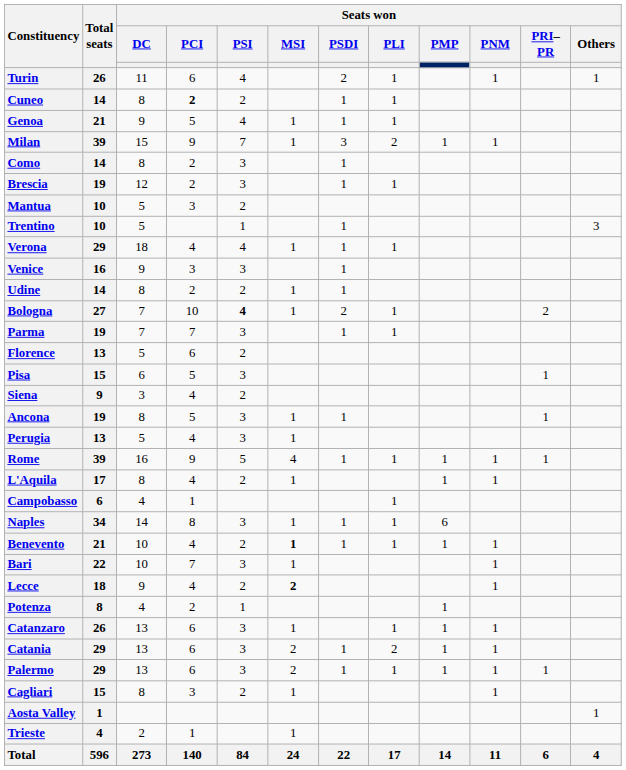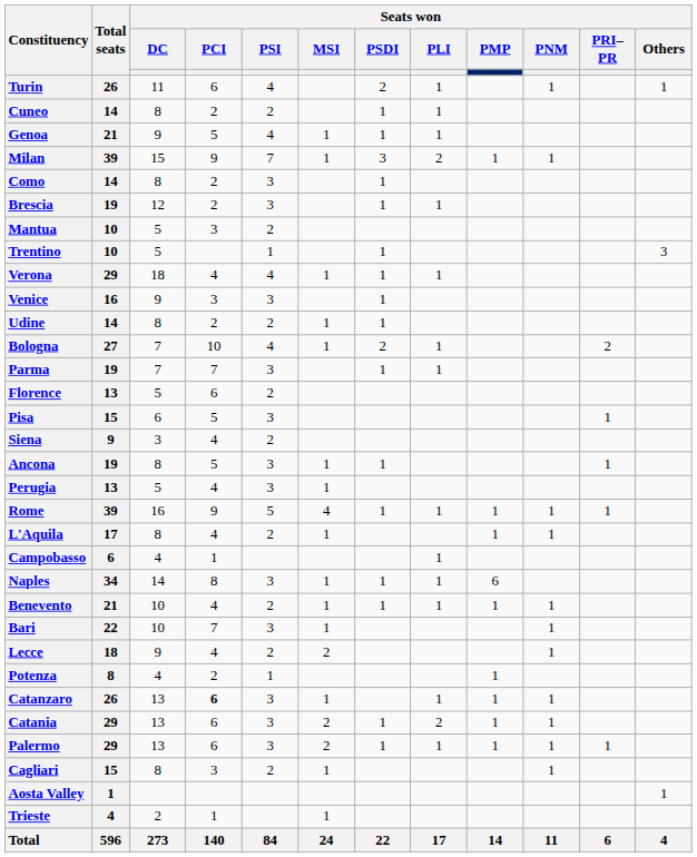 <table class="wikitable" style="text-align:center; font-size: 0.9em">
 <tr>
 <th rowspan="3">Constituency</th>
 <th rowspan="3">Total<br>seats</th>
 <th colspan="10">Seats won</th>
 </tr>
 <tr>
 <th class="unsortable" style="width:50px;"><a href='#'>DC</a></th>
 <th class="unsortable" style="width:50px;"><a href='#'>PCI</a></th>
 <th class="unsortable" style="width:50px;"><a href='#'>PSI</a></th>
 <th class="unsortable" style="width:50px;"><a href='#'>MSI</a></th>
 <th class="unsortable" style="width:50px;"><a href='#'>PSDI</a></th>
 <th class="unsortable" style="width:50px;"><a href='#'>PLI</a></th>
 <th class="unsortable" style="width:50px;"><a href='#'>PMP</a></th>
 <th class="unsortable" style="width:50px;"><a href='#'>PNM</a></th>
 <th class="unsortable" style="width:50px;"><a href='#'>PRI</a>–<a href='#'>PR</a></th>
 <th class="unsortable" style="width:50px;">Others</th>
 </tr>
 <tr>
 <th style="background:"></th>
 <th style="background:"></th>
 <th style="background:"></th>
 <th style="background:"></th>
 <th style="background:"></th>
 <th style="background:"></th>
 <th style="background-color:#002366"></th>
 <th style="background:"></th>
 <th style="background:"></th>
 <th style="background:"></th>
 </tr>
 <tr>
 <th style="text-align: left;"><a href='#'>Turin</a></th>
 <th>26</th>
 <td>11</td>
 <td>6</td>
 <td>4</td>
 <td></td>
 <td>2</td>
 <td>1</td>
 <td></td>
 <td>1</td>
 <td></td>
 <td>1</td>
 </tr>
 <tr>
 <th style="text-align: left;"><a href='#'>Cuneo</a></th>
 <th>14</th>
 <td>8</td>
-<td><strong>2</strong></td>
+<td>2</td>
 <td>2</td>
 <td></td>
 <td>1</td>
 <td>1</td>
 <td></td>
 <td></td>
 <td></td>
 <td></td>
 </tr>
 <tr>
 <th style="text-align: left;"><a href='#'>Genoa</a></th>
 <th>21</th>
 <td>9</td>
 <td>5</td>
 <td>4</td>
 <td>1</td>
 <td>1</td>
 <td>1</td>
 <td></td>
 <td></td>
 <td></td>
 <td></td>
 </tr>
 <tr>
 <th style="text-align: left;"><a href='#'>Milan</a></th>
 <th>39</th>
 <td>15</td>
 <td>9</td>
 <td>7</td>
 <td>1</td>
 <td>3</td>
 <td>2</td>
 <td>1</td>
 <td>1</td>
 <td></td>
 <td></td>
 </tr>
 <tr>
 <th style="text-align: left;"><a href='#'>Como</a></th>
 <th>14</th>
 <td>8</td>
 <td>2</td>
 <td>3</td>
 <td></td>
 <td>1</td>
 <td></td>
 <td></td>
 <td></td>
 <td></td>
 <td></td>
 </tr>
 <tr>
 <th style="text-align: left;"><a href='#'>Brescia</a></th>
 <th>19</th>
 <td>12</td>
 <td>2</td>
 <td>3</td>
 <td></td>
 <td>1</td>
 <td>1</td>
 <td></td>
 <td></td>
 <td></td>
 <td></td>
 </tr>
 <tr>
 <th style="text-align: left;"><a href='#'>Mantua</a></th>
 <th>10</th>
 <td>5</td>
 <td>3</td>
 <td>2</td>
 <td></td>
 <td></td>
 <td></td>
 <td></td>
 <td></td>
 <td></td>
 <td></td>
 </tr>
 <tr>
 <th style="text-align: left;"><a href='#'>Trentino</a></th>
 <th>10</th>
 <td>5</td>
 <td></td>
 <td>1</td>
 <td></td>
 <td>1</td>
 <td></td>
 <td></td>
 <td></td>
 <td></td>
 <td>3</td>
 </tr>
 <tr>
 <th style="text-align: left;"><a href='#'>Verona</a></th>
 <th>29</th>
 <td>18</td>
 <td>4</td>
 <td>4</td>
 <td>1</td>
 <td>1</td>
 <td>1</td>
 <td></td>
 <td></td>
 <td></td>
 <td></td>
 </tr>
 <tr>
 <th style="text-align: left;"><a href='#'>Venice</a></th>
 <th>16</th>
 <td>9</td>
 <td>3</td>
 <td>3</td>
 <td></td>
 <td>1</td>
 <td></td>
 <td></td>
 <td></td>
 <td></td>
 <td></td>
 </tr>
 <tr>
 <th style="text-align: left;"><a href='#'>Udine</a></th>
 <th>14</th>
 <td>8</td>
 <td>2</td>
 <td>2</td>
 <td>1</td>
 <td>1</td>
 <td></td>
 <td></td>
 <td></td>
 <td></td>
 <td></td>
 </tr>
 <tr>
 <th style="text-align: left;"><a href='#'>Bologna</a></th>
 <th>27</th>
 <td>7</td>
 <td>10</td>
-<td><strong>4</strong></td>
+<td>4</td>
 <td>1</td>
 <td>2</td>
 <td>1</td>
 <td></td>
 <td></td>
 <td>2</td>
 <td></td>
 </tr>
 <tr>
 <th style="text-align: left;"><a href='#'>Parma</a></th>
 <th>19</th>
 <td>7</td>
 <td>7</td>
 <td>3</td>
 <td></td>
 <td>1</td>
 <td>1</td>
 <td></td>
 <td></td>
 <td></td>
 <td></td>
 </tr>
 <tr>
 <th style="text-align: left;"><a href='#'>Florence</a></th>
 <th>13</th>
 <td>5</td>
 <td>6</td>
 <td>2</td>
 <td></td>
 <td></td>
 <td></td>
 <td></td>
 <td></td>
 <td></td>
 <td></td>
 </tr>
 <tr>
 <th style="text-align: left;"><a href='#'>Pisa</a></th>
 <th>15</th>
 <td>6</td>
 <td>5</td>
 <td>3</td>
 <td></td>
 <td></td>
 <td></td>
 <td></td>
 <td></td>
 <td>1</td>
 <td></td>
 </tr>
 <tr>
 <th style="text-align: left;"><a href='#'>Siena</a></th>
 <th>9</th>
 <td>3</td>
 <td>4</td>
 <td>2</td>
 <td></td>
 <td></td>
 <td></td>
 <td></td>
 <td></td>
 <td></td>
 <td></td>
 </tr>
 <tr>
 <th style="text-align: left;"><a href='#'>Ancona</a></th>
 <th>19</th>
 <td>8</td>
 <td>5</td>
 <td>3</td>
 <td>1</td>
 <td>1</td>
 <td></td>
 <td></td>
 <td></td>
 <td>1</td>
 <td></td>
 </tr>
 <tr>
 <th style="text-align: left;"><a href='#'>Perugia</a></th>
 <th>13</th>
 <td>5</td>
 <td>4</td>
 <td>3</td>
 <td>1</td>
 <td></td>
 <td></td>
 <td></td>
 <td></td>
 <td></td>
 <td></td>
 </tr>
 <tr>
 <th style="text-align: left;"><a href='#'>Rome</a></th>
 <th>39</th>
 <td>16</td>
 <td>9</td>
 <td>5</td>
 <td>4</td>
 <td>1</td>
 <td>1</td>
 <td>1</td>
 <td>1</td>
 <td>1</td>
 <td></td>
 </tr>
 <tr>
 <th style="text-align: left;"><a href='#'>L'Aquila</a></th>
 <th>17</th>
 <td>8</td>
 <td>4</td>
 <td>2</td>
 <td>1</td>
 <td></td>
 <td></td>
 <td>1</td>
 <td>1</td>
 <td></td>
 <td></td>
 </tr>
 <tr>
 <th style="text-align: left;"><a href='#'>Campobasso</a></th>
 <th>6</th>
 <td>4</td>
 <td>1</td>
 <td></td>
 <td></td>
 <td></td>
 <td>1</td>
 <td></td>
 <td></td>
 <td></td>
 <td></td>
 </tr>
 <tr>
 <th style="text-align: left;"><a href='#'>Naples</a></th>
 <th>34</th>
 <td>14</td>
 <td>8</td>
 <td>3</td>
 <td>1</td>
 <td>1</td>
 <td>1</td>
 <td>6</td>
 <td></td>
 <td></td>
 <td></td>
 </tr>
 <tr>
 <th style="text-align: left;"><a href='#'>Benevento</a></th>
 <th>21</th>
 <td>10</td>
 <td>4</td>
 <td>2</td>
-<td><strong>1</strong></td>
+<td>1</td>
 <td>1</td>
 <td>1</td>
 <td>1</td>
 <td>1</td>
 <td></td>
 <td></td>
 </tr>
 <tr>
 <th style="text-align: left;"><a href='#'>Bari</a></th>
 <th>22</th>
 <td>10</td>
 <td>7</td>
 <td>3</td>
 <td>1</td>
 <td></td>
 <td></td>
 <td></td>
 <td>1</td>
 <td></td>
 <td></td>
 </tr>
 <tr>
 <th style="text-align: left;"><a href='#'>Lecce</a></th>
 <th>18</th>
 <td>9</td>
 <td>4</td>
 <td>2</td>
-<td><strong>2</strong></td>
+<td>2</td>
 <td></td>
 <td></td>
 <td></td>
 <td>1</td>
 <td></td>
 <td></td>
 </tr>
 <tr>
 <th style="text-align: left;"><a href='#'>Potenza</a></th>
 <th>8</th>
 <td>4</td>
 <td>2</td>
 <td>1</td>
 <td></td>
 <td></td>
 <td></td>
 <td>1</td>
 <td></td>
 <td></td>
 <td></td>
 </tr>
 <tr>
 <th style="text-align: left;"><a href='#'>Catanzaro</a></th>
 <th>26</th>
 <td>13</td>
-<td>6</td>
+<td><strong>6</strong></td>
 <td>3</td>
 <td>1</td>
 <td></td>
 <td>1</td>
 <td>1</td>
 <td>1</td>
 <td></td>
 <td></td>
 </tr>
 <tr>
 <th style="text-align: left;"><a href='#'>Catania</a></th>
 <th>29</th>
 <td>13</td>
 <td>6</td>
 <td>3</td>
 <td>2</td>
 <td>1</td>
 <td>2</td>
 <td>1</td>
 <td>1</td>
 <td></td>
 <td></td>
 </tr>
 <tr>
 <th style="text-align: left;"><a href='#'>Palermo</a></th>
 <th>29</th>
 <td>13</td>
 <td>6</td>
 <td>3</td>
 <td>2</td>
 <td>1</td>
 <td>1</td>
 <td>1</td>
 <td>1</td>
 <td>1</td>
 <td></td>
 </tr>
 <tr>
 <th style="text-align: left;"><a href='#'>Cagliari</a></th>
 <th>15</th>
 <td>8</td>
 <td>3</td>
 <td>2</td>
 <td>1</td>
 <td></td>
 <td></td>
 <td></td>
 <td>1</td>
 <td></td>
 <td></td>
 </tr>
 <tr>
 <th style="text-align: left;"><a href='#'>Aosta Valley</a></th>
 <th>1</th>
 <td></td>
 <td></td>
 <td></td>
 <td></td>
 <td></td>
 <td></td>
 <td></td>
 <td></td>
 <td></td>
 <td>1</td>
 </tr>
 <tr>
 <th style="text-align: left;"><a href='#'>Trieste</a></th>
 <th>4</th>
 <td>2</td>
 <td>1</td>
 <td></td>
 <td>1</td>
 <td></td>
 <td></td>
 <td></td>
 <td></td>
 <td></td>
 <td></td>
 </tr>
 <tr>
 <th style="text-align: left;">Total</th>
 <th>596</th>
 <th>273</th>
 <th>140</th>
 <th>84</th>
 <th>24</th>
 <th>22</th>
 <th>17</th>
 <th>14</th>
 <th>11</th>
 <th>6</th>
 <th>4</th>
 </tr>
 </table>
